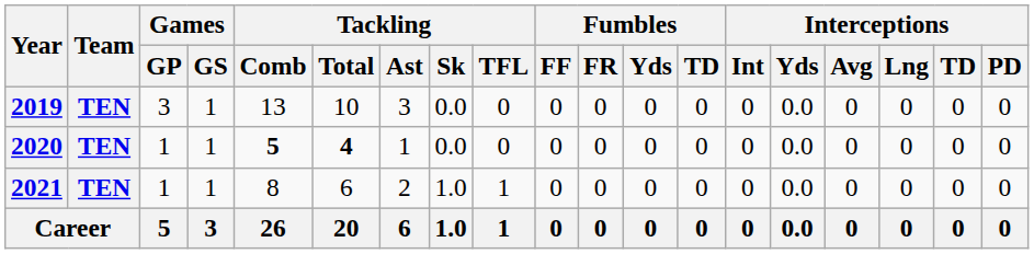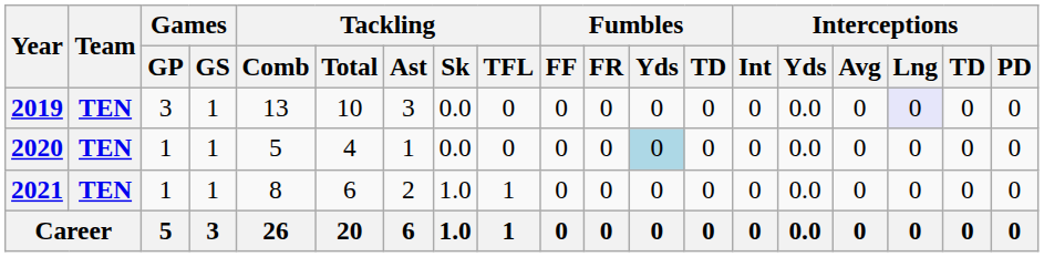 <table class= "wikitable" style="text-align:center;">
 <tr>
 <th rowspan="2">Year</th>
 <th rowspan="2">Team</th>
 <th colspan="2">Games</th>
 <th colspan="5">Tackling</th>
 <th colspan="4">Fumbles</th>
 <th colspan="6">Interceptions</th>
 </tr>
 <tr>
 <th>GP</th>
 <th>GS</th>
 <th>Comb</th>
 <th>Total</th>
 <th>Ast</th>
 <th>Sk</th>
 <th>TFL</th>
 <th>FF</th>
 <th>FR</th>
 <th>Yds</th>
 <th>TD</th>
 <th>Int</th>
 <th>Yds</th>
 <th>Avg</th>
 <th>Lng</th>
 <th>TD</th>
 <th>PD</th>
 </tr>
 <tr>
 <th><a href='#'>2019</a></th>
 <th><a href='#'>TEN</a></th>
 <td>3</td>
 <td>1</td>
 <td>13</td>
 <td>10</td>
 <td>3</td>
 <td>0.0</td>
 <td>0</td>
 <td>0</td>
 <td>0</td>
 <td>0</td>
 <td>0</td>
 <td>0</td>
 <td>0.0</td>
 <td>0</td>
-<td>0</td>
+<td style="background: lavender;">0</td>
 <td>0</td>
 <td>0</td>
 </tr>
 <tr>
 <th><a href='#'>2020</a></th>
 <th><a href='#'>TEN</a></th>
 <td>1</td>
 <td>1</td>
-<td><strong>5</strong></td>
-<td><strong>4</strong></td>
+<td>5</td>
+<td>4</td>
 <td>1</td>
 <td>0.0</td>
 <td>0</td>
 <td>0</td>
 <td>0</td>
-<td>0</td>
+<td style="background: lightblue;">0</td>
 <td>0</td>
 <td>0</td>
 <td>0.0</td>
 <td>0</td>
 <td>0</td>
 <td>0</td>
 <td>0</td>
 </tr>
 <tr>
 <th><a href='#'>2021</a></th>
 <th><a href='#'>TEN</a></th>
 <td>1</td>
 <td>1</td>
 <td>8</td>
 <td>6</td>
 <td>2</td>
 <td>1.0</td>
 <td>1</td>
 <td>0</td>
 <td>0</td>
 <td>0</td>
 <td>0</td>
 <td>0</td>
 <td>0.0</td>
 <td>0</td>
 <td>0</td>
 <td>0</td>
 <td>0</td>
 </tr>
 <tr>
 <th colspan="2">Career</th>
 <th>5</th>
 <th>3</th>
 <th>26</th>
 <th>20</th>
 <th>6</th>
 <th>1.0</th>
 <th>1</th>
 <th>0</th>
 <th>0</th>
 <th>0</th>
 <th>0</th>
 <th>0</th>
 <th>0.0</th>
 <th>0</th>
 <th>0</th>
 <th>0</th>
 <th>0</th>
 </tr>
 </table>
